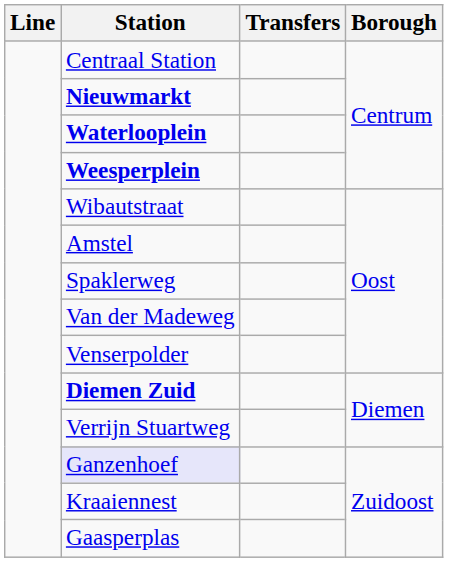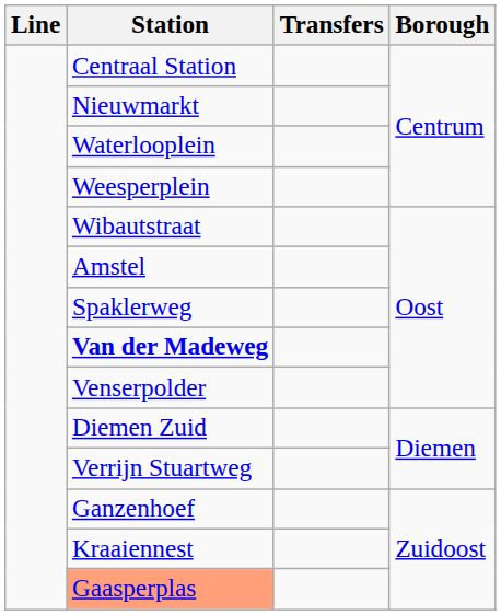 <table class="wikitable">
 <tr>
 <th>Line</th>
 <th>Station</th>
 <th>Transfers</th>
 <th>Borough</th>
 </tr>
 <tr>
 <td rowspan="14"></td>
 <td><a href='#'>Centraal Station</a></td>
 <td></td>
 <td rowspan="4"><a href='#'>Centrum</a></td>
 </tr>
 <tr>
-<td><strong><a href='#'>Nieuwmarkt</a></strong></td>
+<td><a href='#'>Nieuwmarkt</a></td>
 <td></td>
 </tr>
 <tr>
-<td><strong><a href='#'>Waterlooplein</a></strong></td>
+<td><a href='#'>Waterlooplein</a></td>
 <td></td>
 </tr>
 <tr>
-<td><strong><a href='#'>Weesperplein</a></strong></td>
+<td><a href='#'>Weesperplein</a></td>
 <td></td>
 </tr>
 <tr>
 <td><a href='#'>Wibautstraat</a></td>
 <td></td>
 <td rowspan="5"><a href='#'>Oost</a></td>
 </tr>
 <tr>
 <td><a href='#'>Amstel</a></td>
 <td></td>
 </tr>
 <tr>
 <td><a href='#'>Spaklerweg</a></td>
 <td></td>
 </tr>
 <tr>
-<td><a href='#'>Van der Madeweg</a></td>
+<td><strong><a href='#'>Van der Madeweg</a></strong></td>
 <td></td>
 </tr>
 <tr>
 <td><a href='#'>Venserpolder</a></td>
 <td></td>
 </tr>
 <tr>
-<td><strong><a href='#'>Diemen Zuid</a></strong></td>
+<td><a href='#'>Diemen Zuid</a></td>
 <td></td>
 <td rowspan="2"><a href='#'>Diemen</a></td>
 </tr>
 <tr>
 <td><a href='#'>Verrijn Stuartweg</a></td>
 <td></td>
 </tr>
 <tr>
-<td style="background: lavender;"><a href='#'>Ganzenhoef</a></td>
+<td><a href='#'>Ganzenhoef</a></td>
 <td></td>
 <td rowspan="3"><a href='#'>Zuidoost</a></td>
 </tr>
 <tr>
 <td><a href='#'>Kraaiennest</a></td>
 <td></td>
 </tr>
 <tr>
-<td><a href='#'>Gaasperplas</a></td>
+<td style="background: lightsalmon;"><a href='#'>Gaasperplas</a></td>
 <td></td>
 </tr>
 </table>
